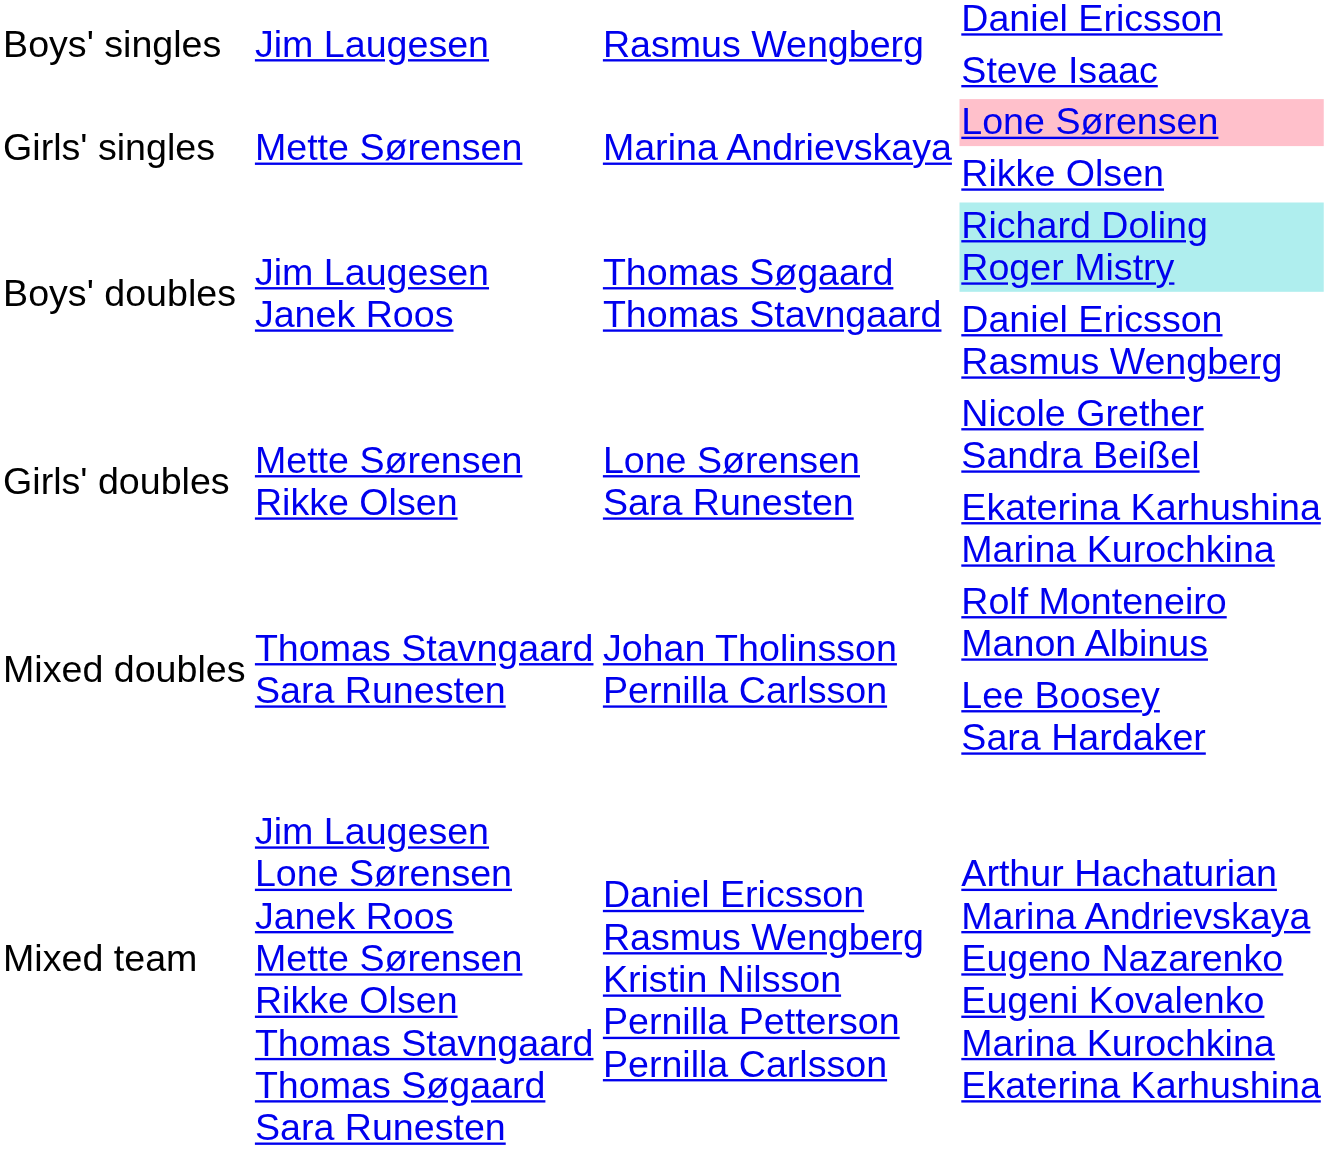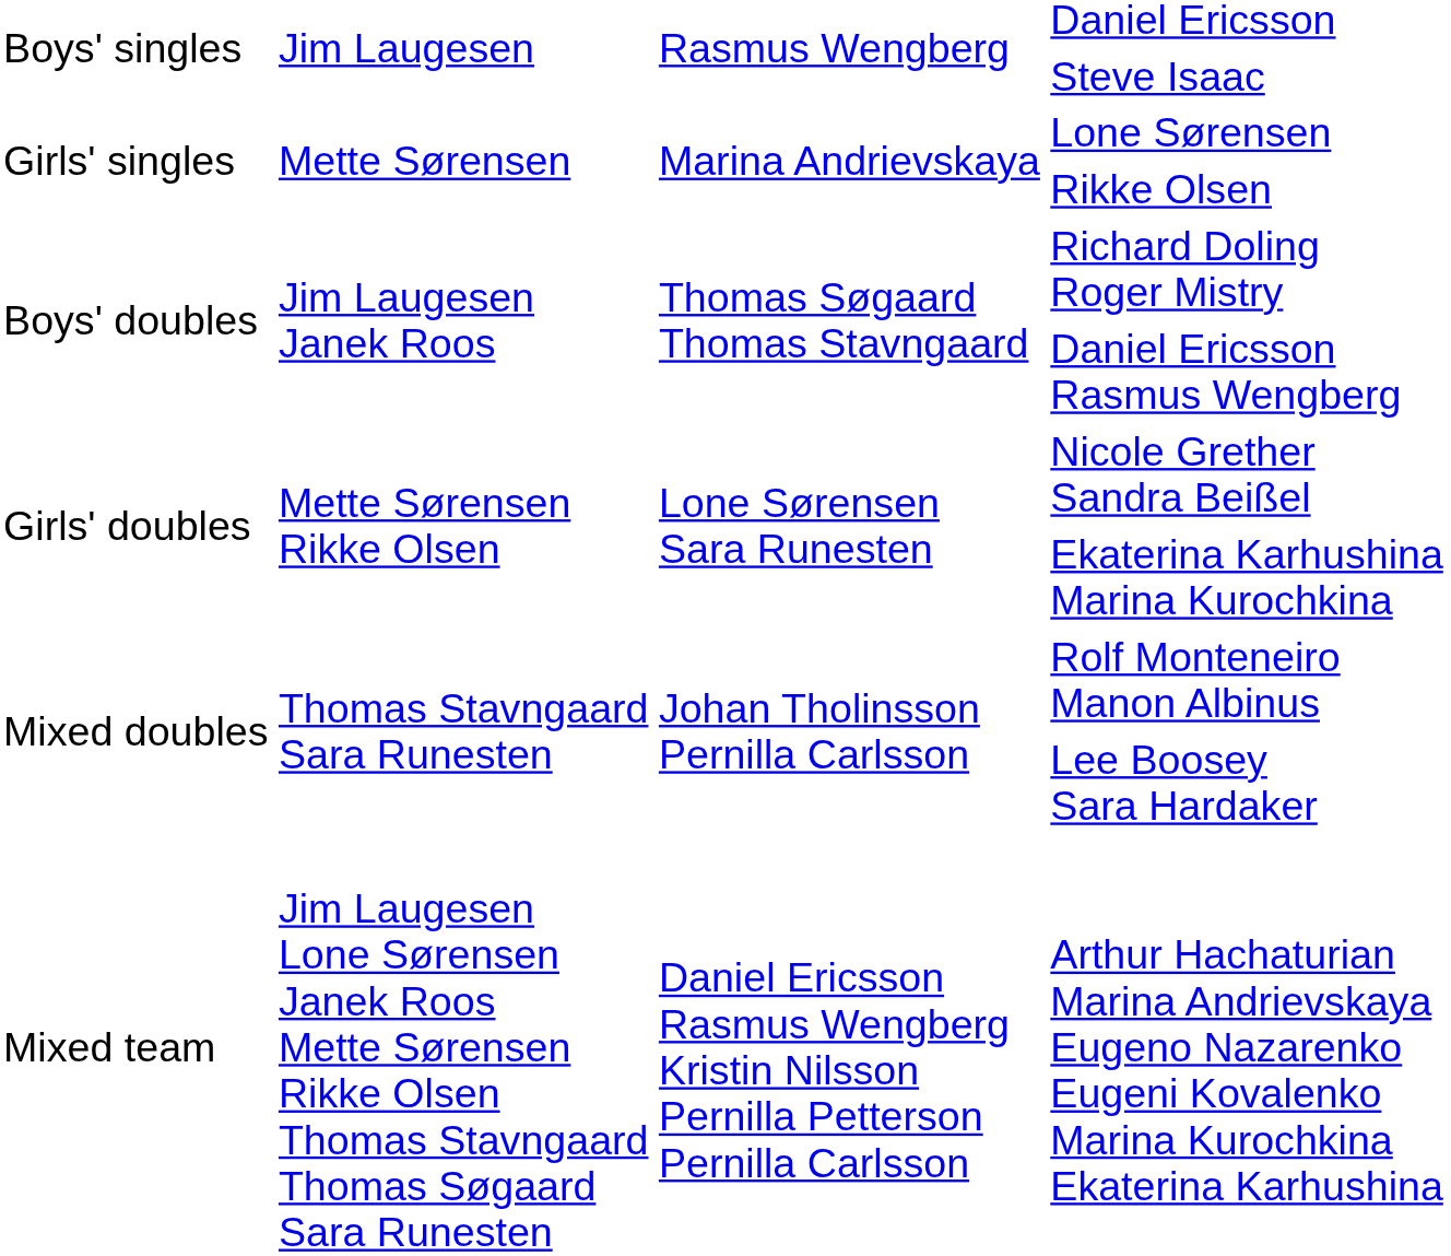 <table>
 <tr>
 <td rowspan=2>Boys' singles</td>
 <td rowspan=2> <a href='#'>Jim Laugesen</a></td>
 <td rowspan=2> <a href='#'>Rasmus Wengberg</a></td>
 <td> <a href='#'>Daniel Ericsson</a></td>
 </tr>
 <tr>
 <td> <a href='#'>Steve Isaac</a></td>
 </tr>
 <tr>
 <td rowspan=2>Girls' singles</td>
 <td rowspan=2> <a href='#'>Mette Sørensen</a></td>
 <td rowspan=2> <a href='#'>Marina Andrievskaya</a></td>
-<td style="background: pink;"> <a href='#'>Lone Sørensen</a></td>
+<td> <a href='#'>Lone Sørensen</a></td>
 </tr>
 <tr>
 <td> <a href='#'>Rikke Olsen</a></td>
 </tr>
 <tr>
 <td rowspan=2>Boys' doubles</td>
 <td rowspan=2> <a href='#'>Jim Laugesen</a> <br>  <a href='#'>Janek Roos</a></td>
 <td rowspan=2> <a href='#'>Thomas Søgaard</a> <br>  <a href='#'>Thomas Stavngaard</a></td>
-<td style="background: paleturquoise;"> <a href='#'>Richard Doling</a> <br>  <a href='#'>Roger Mistry</a></td>
+<td> <a href='#'>Richard Doling</a> <br>  <a href='#'>Roger Mistry</a></td>
 </tr>
 <tr>
 <td> <a href='#'>Daniel Ericsson</a> <br>  <a href='#'>Rasmus Wengberg</a></td>
 </tr>
 <tr>
 <td rowspan=2>Girls' doubles</td>
 <td rowspan=2> <a href='#'>Mette Sørensen</a> <br>  <a href='#'>Rikke Olsen</a></td>
 <td rowspan=2> <a href='#'>Lone Sørensen</a> <br>  <a href='#'>Sara Runesten</a></td>
 <td> <a href='#'>Nicole Grether</a> <br>  <a href='#'>Sandra Beißel</a></td>
 </tr>
 <tr>
 <td> <a href='#'>Ekaterina Karhushina</a> <br>  <a href='#'>Marina Kurochkina</a></td>
 </tr>
 <tr>
 <td rowspan=2>Mixed doubles</td>
 <td rowspan=2> <a href='#'>Thomas Stavngaard</a> <br>  <a href='#'>Sara Runesten</a></td>
 <td rowspan=2> <a href='#'>Johan Tholinsson</a> <br>  <a href='#'>Pernilla Carlsson</a></td>
 <td> <a href='#'>Rolf Monteneiro</a> <br>  <a href='#'>Manon Albinus</a></td>
 </tr>
 <tr>
 <td> <a href='#'>Lee Boosey</a> <br>  <a href='#'>Sara Hardaker</a></td>
 </tr>
 <tr>
 <td>Mixed team</td>
 <td> <br> <a href='#'>Jim Laugesen</a> <br> <a href='#'>Lone Sørensen</a> <br> <a href='#'>Janek Roos</a> <br> <a href='#'>Mette Sørensen</a> <br> <a href='#'>Rikke Olsen</a> <br> <a href='#'>Thomas Stavngaard</a> <br> <a href='#'>Thomas Søgaard</a> <br> <a href='#'>Sara Runesten</a></td>
 <td> <br> <a href='#'>Daniel Ericsson</a> <br> <a href='#'>Rasmus Wengberg</a> <br> <a href='#'>Kristin Nilsson</a> <br> <a href='#'>Pernilla Petterson</a> <br> <a href='#'>Pernilla Carlsson</a></td>
 <td> <br> <a href='#'>Arthur Hachaturian</a> <br> <a href='#'>Marina Andrievskaya</a> <br> <a href='#'>Eugeno Nazarenko</a> <br> <a href='#'>Eugeni Kovalenko</a> <br> <a href='#'>Marina Kurochkina</a> <br> <a href='#'>Ekaterina Karhushina</a></td>
 </tr>
 </table>
